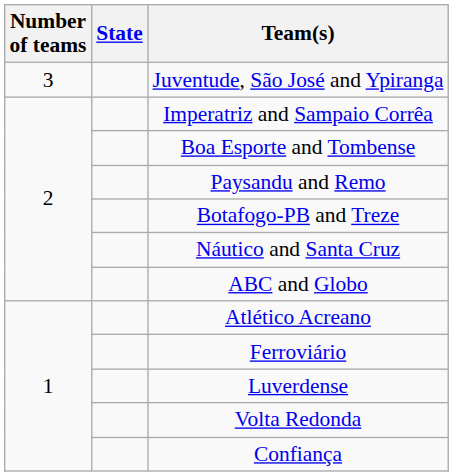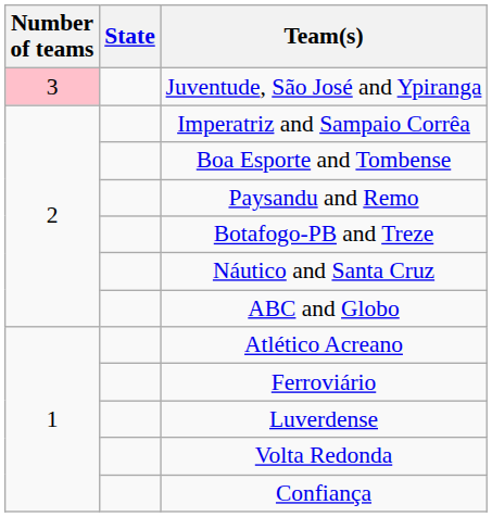 <table class="wikitable" style="text-align:center">
 <tr>
 <th>Number<br>of teams</th>
 <th><a href='#'>State</a></th>
 <th>Team(s)</th>
 </tr>
 <tr>
-<td>3</td>
+<td style="background: pink;">3</td>
 <td align="left"></td>
 <td><a href='#'>Juventude</a>, <a href='#'>São José</a> and <a href='#'>Ypiranga</a></td>
 </tr>
 <tr>
 <td rowspan=6>2</td>
 <td align="left"></td>
 <td><a href='#'>Imperatriz</a> and <a href='#'>Sampaio Corrêa</a></td>
 </tr>
 <tr>
 <td align="left"></td>
 <td><a href='#'>Boa Esporte</a> and <a href='#'>Tombense</a></td>
 </tr>
 <tr>
 <td align="left"></td>
 <td><a href='#'>Paysandu</a> and <a href='#'>Remo</a></td>
 </tr>
 <tr>
 <td align="left"></td>
 <td><a href='#'>Botafogo-PB</a> and <a href='#'>Treze</a></td>
 </tr>
 <tr>
 <td align="left"></td>
 <td><a href='#'>Náutico</a> and <a href='#'>Santa Cruz</a></td>
 </tr>
 <tr>
 <td align="left"></td>
 <td><a href='#'>ABC</a> and <a href='#'>Globo</a></td>
 </tr>
 <tr>
 <td rowspan=5>1</td>
 <td align="left"></td>
 <td><a href='#'>Atlético Acreano</a></td>
 </tr>
 <tr>
 <td align="left"></td>
 <td><a href='#'>Ferroviário</a></td>
 </tr>
 <tr>
 <td align="left"></td>
 <td><a href='#'>Luverdense</a></td>
 </tr>
 <tr>
 <td align="left"></td>
 <td><a href='#'>Volta Redonda</a></td>
 </tr>
 <tr>
 <td align="left"></td>
 <td><a href='#'>Confiança</a></td>
 </tr>
 </table>
